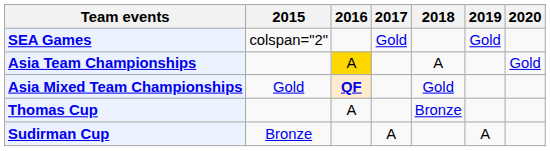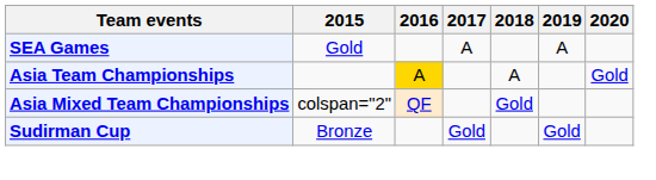 <table class="wikitable" style="font-size: 90%; text-align:center">
 <tr>
 <th>Team events</th>
 <th>2015</th>
 <th>2016</th>
 <th>2017</th>
 <th>2018</th>
 <th>2019</th>
 <th>2020</th>
 </tr>
 <tr>
 <td bgcolor="#ECF2FF"; align="left"><strong><a href='#'>SEA Games</a></strong></td>
-<td>colspan="2" </td>
-<td></td>
 <td> <a href='#'>Gold</a></td>
 <td></td>
-<td> <a href='#'>Gold</a></td>
+<td>A</td>
+<td></td>
+<td>A</td>
 <td></td>
 </tr>
 <tr>
 <td bgcolor="#ECF2FF"; align="left"><strong><a href='#'>Asia Team Championships</a></strong></td>
 <td></td>
 <td style="background: gold;">A</td>
 <td></td>
 <td>A</td>
 <td></td>
 <td> <a href='#'>Gold</a></td>
 </tr>
 <tr>
 <td bgcolor="#ECF2FF"; align="left"><strong><a href='#'>Asia Mixed Team Championships</a></strong></td>
-<td> <a href='#'>Gold</a></td>
-<td bgcolor=FFEBCD><strong><a href='#'>QF</a></strong></td>
+<td>colspan="2" </td>
+<td bgcolor=FFEBCD><a href='#'>QF</a></td>
 <td></td>
 <td> <a href='#'>Gold</a></td>
-<td></td>
-</tr>
-<tr>
-<td bgcolor="#ECF2FF"; align="left"><strong><a href='#'>Thomas Cup</a></strong></td>
-<td></td>
-<td>A</td>
-<td></td>
-<td> <a href='#'>Bronze</a></td>
-<td></td>
 <td></td>
 </tr>
 <tr>
 <td bgcolor="#ECF2FF"; align="left"><strong><a href='#'>Sudirman Cup</a></strong></td>
 <td> <a href='#'>Bronze</a></td>
 <td></td>
-<td>A</td>
+<td> <a href='#'>Gold</a></td>
 <td></td>
-<td>A</td>
+<td> <a href='#'>Gold</a></td>
 <td></td>
 </tr>
 </table>
